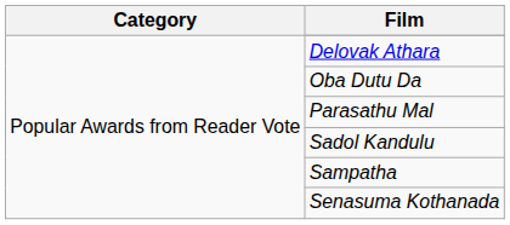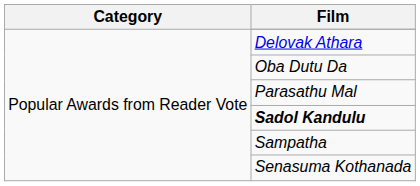 <table class="wikitable plainrowheaders sortable">
 <tr>
 <th scope="col">Category</th>
 <th scope="col">Film</th>
 </tr>
 <tr>
 <td rowspan=7>Popular Awards from Reader Vote</td>
 </tr>
 <tr>
 <td><em><a href='#'>Delovak Athara</a></em></td>
 </tr>
 <tr>
 <td><em>Oba Dutu Da</em></td>
 </tr>
 <tr>
 <td><em>Parasathu Mal</em></td>
 </tr>
 <tr>
-<td><em>Sadol Kandulu</em></td>
+<td><strong><em>Sadol Kandulu</em></strong></td>
 </tr>
 <tr>
 <td><em>Sampatha</em></td>
 </tr>
 <tr>
 <td><em>Senasuma Kothanada</em></td>
 </tr>
 </table>
